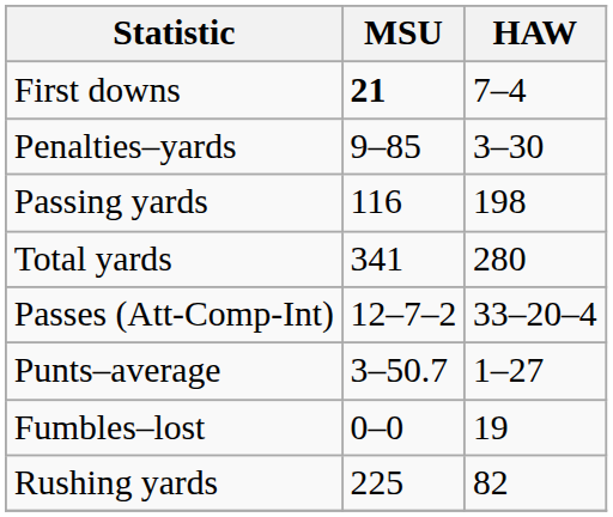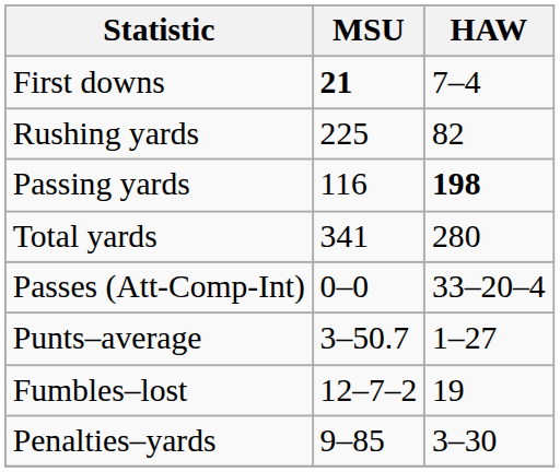 <table class="wikitable">
 <tr>
 <th>Statistic</th>
 <th><strong>MSU</strong></th>
 <th><strong>HAW</strong></th>
 </tr>
 <tr>
 <td>First downs</td>
 <td><strong>21</strong></td>
 <td>7–4</td>
 </tr>
 <tr>
-<td>Penalties–yards</td>
-<td>9–85</td>
-<td>3–30</td>
+<td>Rushing yards</td>
+<td>225</td>
+<td>82</td>
 </tr>
 <tr>
 <td>Passing yards</td>
 <td>116</td>
-<td>198</td>
+<td><strong>198</strong></td>
 </tr>
 <tr>
 <td>Total yards</td>
 <td>341</td>
 <td>280</td>
 </tr>
 <tr>
 <td>Passes (Att-Comp-Int)</td>
-<td>12–7–2</td>
+<td>0–0</td>
 <td>33–20–4</td>
 </tr>
 <tr>
 <td>Punts–average</td>
 <td>3–50.7</td>
 <td>1–27</td>
 </tr>
 <tr>
 <td>Fumbles–lost</td>
-<td>0–0</td>
+<td>12–7–2</td>
 <td>19</td>
 </tr>
 <tr>
-<td>Rushing yards</td>
-<td>225</td>
-<td>82</td>
+<td>Penalties–yards</td>
+<td>9–85</td>
+<td>3–30</td>
 </tr>
 <tr>
 </tr>
 </table>
